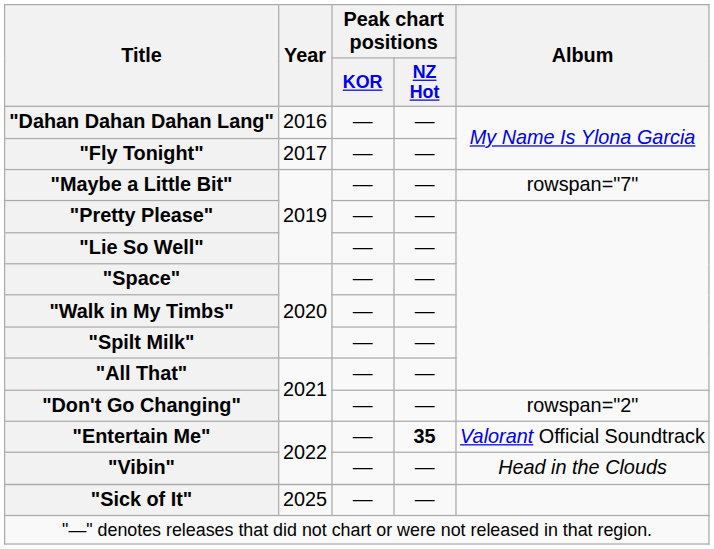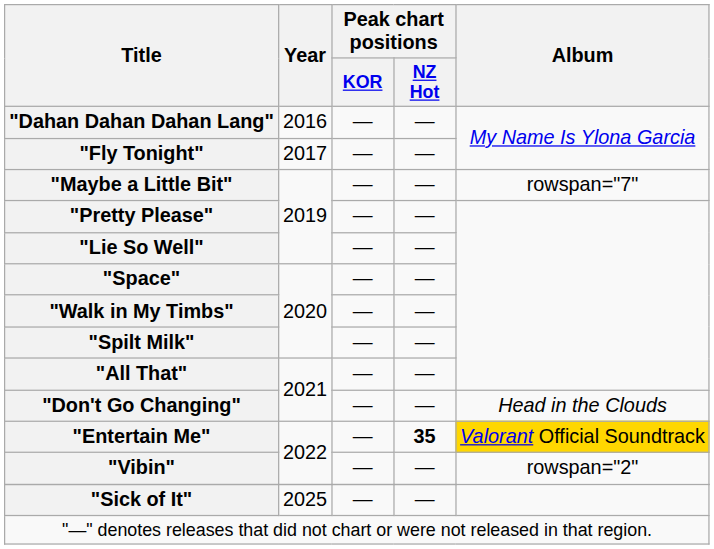 <table class="wikitable plainrowheaders" style="text-align:center;">
 <tr>
 <th scope="col" rowspan="2">Title</th>
 <th scope="col" rowspan="2">Year</th>
 <th scope="col" colspan="2">Peak chart positions</th>
 <th scope="col" rowspan="2">Album</th>
 </tr>
 <tr>
 <th scope="col" style="width:3em;font-size:90%"><a href='#'>KOR</a><br></th>
 <th scope="col" style="width:3em;font-size:90%;"><a href='#'>NZ<br>Hot</a><br></th>
 </tr>
 <tr>
 <th scope="row">"Dahan Dahan Dahan Lang"</th>
 <td>2016</td>
 <td>—</td>
 <td>—</td>
 <td rowspan="2"><em><a href='#'>My Name Is Ylona Garcia</a></em></td>
 </tr>
 <tr>
 <th scope="row">"Fly Tonight"</th>
 <td>2017</td>
 <td>—</td>
 <td>—</td>
 </tr>
 <tr>
 <th scope="row">"Maybe a Little Bit" </th>
 <td rowspan="3">2019</td>
 <td>—</td>
 <td>—</td>
 <td>rowspan="7" </td>
 </tr>
 <tr>
 <th scope="row">"Pretty Please"</th>
 <td>—</td>
 <td>—</td>
 </tr>
 <tr>
 <th scope="row">"Lie So Well"</th>
 <td>—</td>
 <td>—</td>
 </tr>
 <tr>
 <th scope="row">"Space" </th>
 <td rowspan="3">2020</td>
 <td>—</td>
 <td>—</td>
 </tr>
 <tr>
 <th scope="row">"Walk in My Timbs" </th>
 <td>—</td>
 <td>—</td>
 </tr>
 <tr>
 <th scope="row">"Spilt Milk" </th>
 <td>—</td>
 <td>—</td>
 </tr>
 <tr>
 <th scope="row">"All That"</th>
 <td rowspan="2">2021</td>
 <td>—</td>
 <td>—</td>
 </tr>
 <tr>
 <th scope="row">"Don't Go Changing"</th>
 <td>—</td>
 <td>—</td>
-<td>rowspan="2" </td>
+<td><em>Head in the Clouds</em></td>
 </tr>
 <tr>
 <th scope="row">"Entertain Me"</th>
 <td rowspan="2">2022</td>
 <td>—</td>
 <td><strong>35</strong></td>
-<td><em><a href='#'>Valorant</a></em> Official Soundtrack</td>
+<td style="background: gold;"><em><a href='#'>Valorant</a></em> Official Soundtrack</td>
 </tr>
 <tr>
 <th scope="row">"Vibin"</th>
 <td>—</td>
 <td>—</td>
-<td><em>Head in the Clouds</em></td>
+<td>rowspan="2" </td>
 </tr>
 <tr>
 </tr>
 <tr>
 <th scope="row">"Sick of It"</th>
 <td>2025</td>
 <td>—</td>
 <td>—</td>
 </tr>
 <tr>
 <td colspan="7" style="font-size:90%">"—" denotes releases that did not chart or were not released in that region.</td>
 </tr>
 </table>
